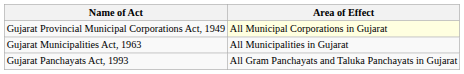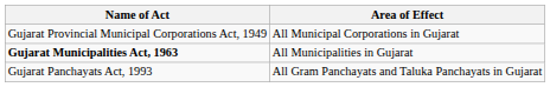 <table class="wikitable">
 <tr>
 <th>Name of Act</th>
 <th>Area of Effect</th>
 </tr>
 <tr>
 <td>Gujarat Provincial Municipal Corporations Act, 1949</td>
-<td style="background: lightyellow;">All Municipal Corporations in Gujarat</td>
+<td>All Municipal Corporations in Gujarat</td>
 </tr>
 <tr>
-<td>Gujarat Municipalities Act, 1963</td>
+<td><strong>Gujarat Municipalities Act, 1963</strong></td>
 <td>All Municipalities in Gujarat</td>
 </tr>
 <tr>
 <td>Gujarat Panchayats Act, 1993</td>
 <td>All Gram Panchayats and Taluka Panchayats in Gujarat</td>
 </tr>
 </table>
